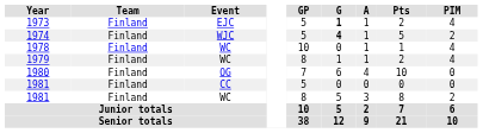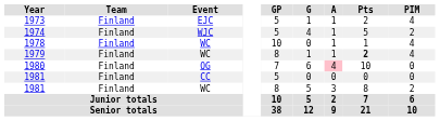 <table border="0" cellpadding="1" cellspacing="0" style="text-align:center; width:50em">
 <tr ALIGN="center" bgcolor="#e0e0e0">
 <th>Year</th>
 <th>Team</th>
 <th>Event</th>
 <th rowspan="99" bgcolor="#ffffff"> </th>
 <th>GP</th>
 <th>G</th>
 <th>A</th>
 <th>Pts</th>
 <th>PIM</th>
 </tr>
 <tr>
 <td><a href='#'>1973</a></td>
 <td><a href='#'>Finland</a></td>
 <td><a href='#'>EJC</a></td>
 <td>5</td>
-<td><strong>1</strong></td>
+<td>1</td>
 <td>1</td>
 <td>2</td>
 <td>4</td>
 </tr>
 <tr bgcolor="#f0f0f0">
 <td><a href='#'>1974</a></td>
 <td>Finland</td>
 <td><a href='#'>WJC</a></td>
 <td>5</td>
-<td><strong>4</strong></td>
+<td>4</td>
 <td>1</td>
 <td>5</td>
 <td>2</td>
 </tr>
 <tr>
 <td><a href='#'>1978</a></td>
 <td><a href='#'>Finland</a></td>
 <td><a href='#'>WC</a></td>
 <td>10</td>
 <td>0</td>
 <td>1</td>
 <td>1</td>
 <td>4</td>
 </tr>
 <tr bgcolor="#f0f0f0">
 <td><a href='#'>1979</a></td>
 <td>Finland</td>
 <td>WC</td>
 <td>8</td>
 <td>1</td>
 <td>1</td>
-<td>2</td>
+<td><strong>2</strong></td>
 <td>4</td>
 </tr>
 <tr>
 <td><a href='#'>1980</a></td>
 <td>Finland</td>
 <td><a href='#'>OG</a></td>
 <td>7</td>
 <td>6</td>
-<td>4</td>
+<td style="background: pink;">4</td>
 <td>10</td>
 <td>0</td>
 </tr>
 <tr bgcolor="#f0f0f0">
 <td><a href='#'>1981</a></td>
 <td>Finland</td>
 <td><a href='#'>CC</a></td>
 <td>5</td>
 <td>0</td>
 <td>0</td>
 <td>0</td>
 <td>0</td>
 </tr>
 <tr>
 <td><a href='#'>1981</a></td>
 <td>Finland</td>
 <td>WC</td>
 <td>8</td>
 <td>5</td>
 <td>3</td>
 <td>8</td>
 <td>2</td>
 </tr>
 <tr bgcolor="#e0e0e0">
 <th colspan=3>Junior totals</th>
 <th>10</th>
 <th>5</th>
 <th>2</th>
 <th>7</th>
 <th>6</th>
 </tr>
 <tr bgcolor="#e0e0e0">
 <th colspan=3>Senior totals</th>
 <th>38</th>
 <th>12</th>
 <th>9</th>
 <th>21</th>
 <th>10</th>
 </tr>
 </table>
